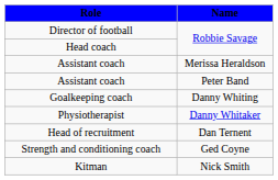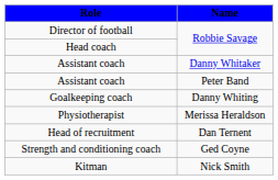 <table class="wikitable">
 <tr>
 <th style="background:#0000ff; width:250px;"><span>Role</span></th>
 <th style="background:#0000ff; width:135px;"><span>Name</span></th>
 </tr>
 <tr>
 <td style="text-align:center;">Director of football</td>
 <td style="text-align:center;" rowspan=2> <a href='#'>Robbie Savage</a></td>
 </tr>
 <tr>
 <td style="text-align:center;">Head coach</td>
 </tr>
 <tr>
 <td style="text-align:center;">Assistant coach</td>
-<td style="text-align:center;"> Merissa Heraldson</td>
+<td style="text-align:center;"> <a href='#'>Danny Whitaker</a></td>
 </tr>
 <tr>
 <td style="text-align:center;">Assistant coach</td>
 <td style="text-align:center;"> Peter Band</td>
 </tr>
 <tr>
 <td style="text-align:center;">Goalkeeping coach</td>
 <td style="text-align:center;"> Danny Whiting</td>
 </tr>
 <tr>
 <td style="text-align:center;">Physiotherapist</td>
-<td style="text-align:center;"> <a href='#'>Danny Whitaker</a></td>
+<td style="text-align:center;"> Merissa Heraldson</td>
 </tr>
 <tr>
 <td style="text-align:center;">Head of recruitment</td>
 <td style="text-align:center;"> Dan Ternent</td>
 </tr>
 <tr>
 <td style="text-align:center;">Strength and conditioning coach</td>
 <td style="text-align:center;"> Ged Coyne</td>
 </tr>
 <tr>
 <td style="text-align:center;">Kitman</td>
 <td style="text-align:center;"> Nick Smith</td>
 </tr>
 </table>
